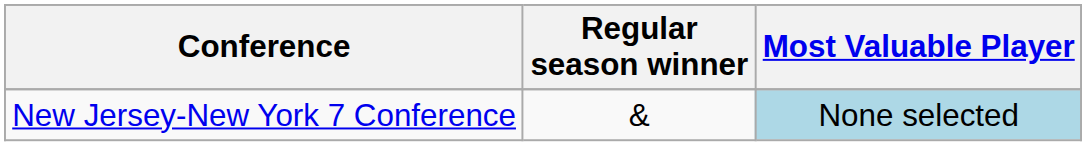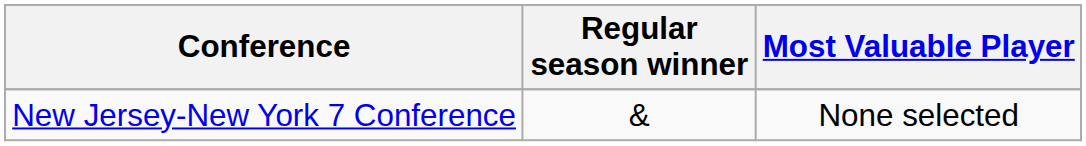 <table class="wikitable" style="text-align:center;">
 <tr>
 <th>Conference</th>
 <th>Regular <br> season winner</th>
 <th><a href='#'>Most Valuable Player</a></th>
 </tr>
 <tr>
 </tr>
 <tr>
 <td><a href='#'>New Jersey-New York 7 Conference</a></td>
 <td> & </td>
-<td style="background: lightblue;">None selected</td>
+<td>None selected</td>
 </tr>
 </table>
